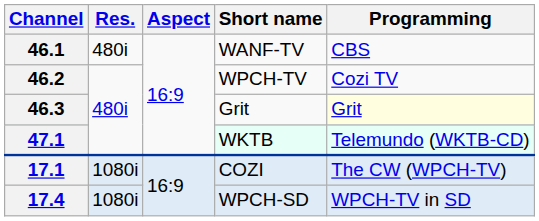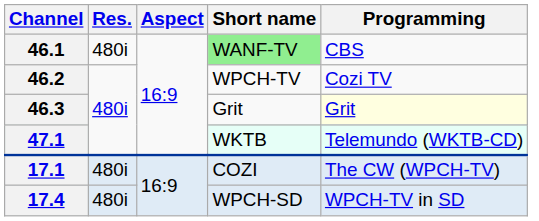 <table class="wikitable">
 <tr>
 <th scope = "col"><a href='#'>Channel</a></th>
 <th scope = "col"><a href='#'>Res.</a></th>
 <th scope = "col"><a href='#'>Aspect</a></th>
 <th scope = "col">Short name</th>
 <th scope = "col">Programming</th>
 </tr>
 <tr>
 <th scope = "row">46.1</th>
 <td>480i</td>
 <td rowspan=4><a href='#'>16:9</a></td>
-<td>WANF-TV</td>
+<td style="background: lightgreen;">WANF-TV</td>
 <td><a href='#'>CBS</a></td>
 </tr>
 <tr>
 <th scope = "row">46.2</th>
 <td rowspan=3><a href='#'>480i</a></td>
 <td>WPCH-TV</td>
 <td><a href='#'>Cozi TV</a></td>
 </tr>
 <tr>
 <th scope = "row">46.3</th>
 <td>Grit</td>
 <td style="background: lightyellow;"><a href='#'>Grit</a></td>
 </tr>
 <tr style="background-color: #E6FFF7;">
 <th scope = "row"><a href='#'>47.1</a></th>
 <td>WKTB</td>
 <td><a href='#'>Telemundo</a> (<a href='#'>WKTB-CD</a>)</td>
 </tr>
 <tr style="background-color:#DFEBF6; border-top: 2px solid #003399;">
 <th scope="row"><a href='#'>17.1</a></th>
-<td>1080i</td>
+<td>480i</td>
 <td rowspan = 2>16:9</td>
 <td>COZI</td>
 <td><a href='#'>The CW</a> (<a href='#'>WPCH-TV</a>)</td>
 </tr>
 <tr style="background-color:#DFEBF6;">
 <th scope="row"><a href='#'>17.4</a></th>
-<td>1080i</td>
+<td>480i</td>
 <td>WPCH-SD</td>
 <td><a href='#'>WPCH-TV</a> in <a href='#'>SD</a></td>
 </tr>
 </table>
